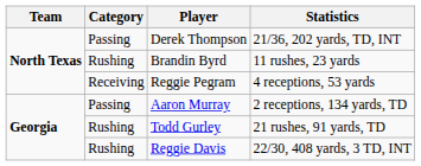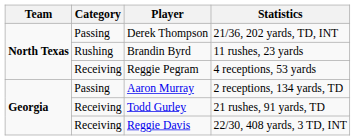 <table class="wikitable" style="float: right;">
 <tr>
 <th>Team</th>
 <th>Category</th>
 <th>Player</th>
 <th>Statistics</th>
 </tr>
 <tr>
 <td rowspan=3><strong>North Texas</strong></td>
 <td>Passing</td>
 <td>Derek Thompson</td>
 <td>21/36, 202 yards, TD, INT</td>
 </tr>
 <tr>
 <td>Rushing</td>
 <td>Brandin Byrd</td>
 <td>11 rushes, 23 yards</td>
 </tr>
 <tr>
 <td>Receiving</td>
 <td>Reggie Pegram</td>
 <td>4 receptions, 53 yards</td>
 </tr>
 <tr>
 <td rowspan=3><strong>Georgia</strong></td>
 <td>Passing</td>
 <td><a href='#'>Aaron Murray</a></td>
 <td>2 receptions, 134 yards, TD</td>
 </tr>
 <tr>
-<td>Rushing</td>
+<td>Receiving</td>
 <td><a href='#'>Todd Gurley</a></td>
 <td>21 rushes, 91 yards, TD</td>
 </tr>
 <tr>
-<td>Rushing</td>
+<td>Receiving</td>
 <td><a href='#'>Reggie Davis</a></td>
 <td>22/30, 408 yards, 3 TD, INT</td>
 </tr>
 </table>
